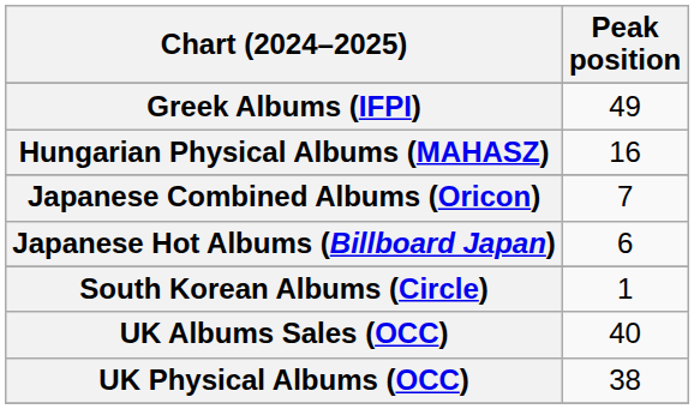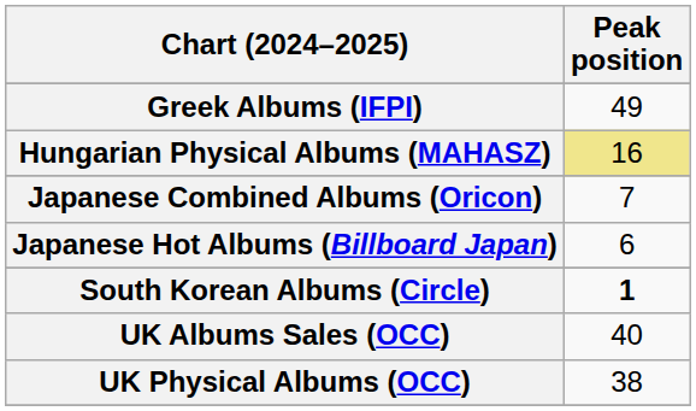 <table class="wikitable sortable plainrowheaders" style="text-align:center">
 <tr>
 <th scope="col">Chart (2024–2025)</th>
 <th scope="col">Peak<br>position</th>
 </tr>
 <tr>
 </tr>
 <tr>
 </tr>
 <tr>
 <th scope="row">Greek Albums (<a href='#'>IFPI</a>)</th>
 <td>49</td>
 </tr>
 <tr>
 <th scope="row">Hungarian Physical Albums (<a href='#'>MAHASZ</a>)</th>
-<td>16</td>
+<td style="background: khaki;">16</td>
 </tr>
 <tr>
 </tr>
 <tr>
 <th scope="row">Japanese Combined Albums (<a href='#'>Oricon</a>)</th>
 <td>7</td>
 </tr>
 <tr>
 <th scope="row">Japanese Hot Albums (<em><a href='#'>Billboard Japan</a></em>)</th>
 <td>6</td>
 </tr>
 <tr>
 </tr>
 <tr>
 </tr>
 <tr>
 <th scope="row">South Korean Albums (<a href='#'>Circle</a>)</th>
-<td>1</td>
+<td><strong>1</strong></td>
 </tr>
 <tr>
 <th scope="row">UK Albums Sales (<a href='#'>OCC</a>)</th>
 <td>40</td>
 </tr>
 <tr>
 <th scope="row">UK Physical Albums (<a href='#'>OCC</a>)</th>
 <td>38</td>
 </tr>
 <tr>
 </tr>
 <tr>
 </tr>
 <tr>
 </tr>
 </table>
